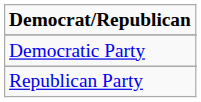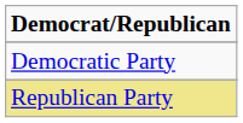 <table class="wikitable">
 <tr>
 <td><strong>Democrat/Republican</strong></td>
 </tr>
 <tr>
 </tr>
 <tr>
 <td><a href='#'>Democratic Party</a></td>
 </tr>
 <tr>
 </tr>
 <tr>
-<td><a href='#'>Republican Party</a></td>
+<td style="background: khaki;"><a href='#'>Republican Party</a></td>
 </tr>
 </table>
